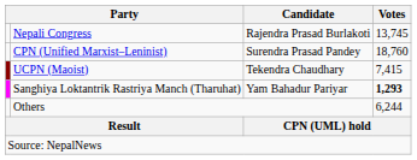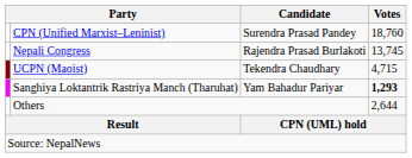 <table class="wikitable">
 <tr>
 <th colspan="2">Party</th>
 <th>Candidate</th>
 <th>Votes</th>
 </tr>
 <tr>
 <td style="background-color:"></td>
+<td><a href='#'>CPN (Unified Marxist–Leninist)</a></td>
+<td>Surendra Prasad Pandey</td>
+<td>18,760</td>
+</tr>
+<tr>
+<td style="background-color:"></td>
 <td><a href='#'>Nepali Congress</a></td>
 <td>Rajendra Prasad Burlakoti</td>
 <td>13,745</td>
 </tr>
 <tr>
-<td style="background-color:"></td>
-<td><a href='#'>CPN (Unified Marxist–Leninist)</a></td>
-<td>Surendra Prasad Pandey</td>
-<td>18,760</td>
-</tr>
-<tr>
 <td style="background-color:darkred"></td>
 <td><a href='#'>UCPN (Maoist)</a></td>
 <td>Tekendra Chaudhary</td>
-<td>7,415</td>
+<td>4,715</td>
 </tr>
 <tr>
 <td style="background-color:#ff00ff"></td>
 <td>Sanghiya Loktantrik Rastriya Manch (Tharuhat)</td>
 <td>Yam Bahadur Pariyar</td>
 <td><strong>1,293</strong></td>
 </tr>
 <tr>
 <td></td>
 <td colspan="2">Others</td>
-<td>6,244</td>
+<td>2,644</td>
 </tr>
 <tr>
 <th colspan="2">Result</th>
 <th colspan="2">CPN (UML) hold</th>
 </tr>
 <tr>
 <td colspan="4">Source: NepalNews</td>
 </tr>
 </table>
